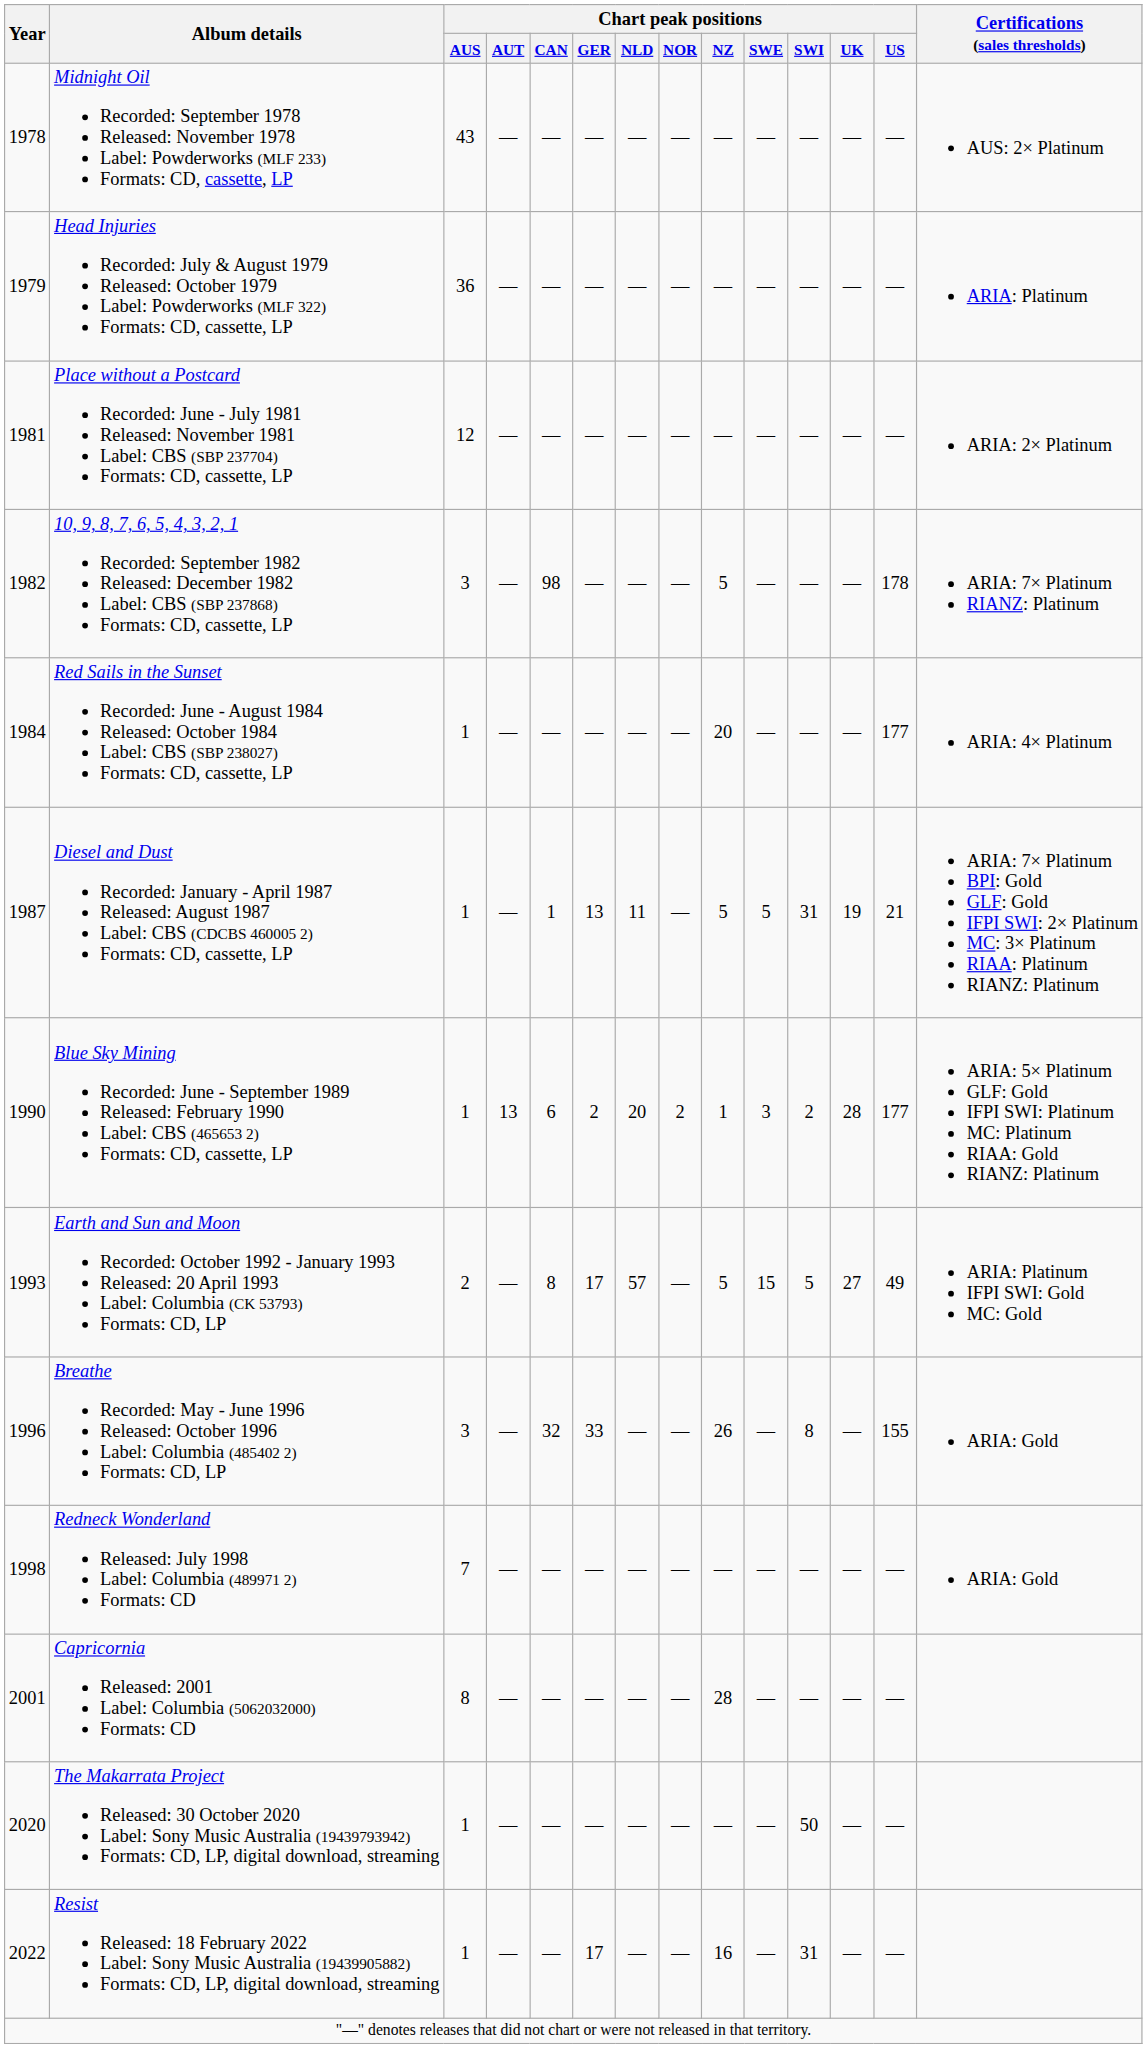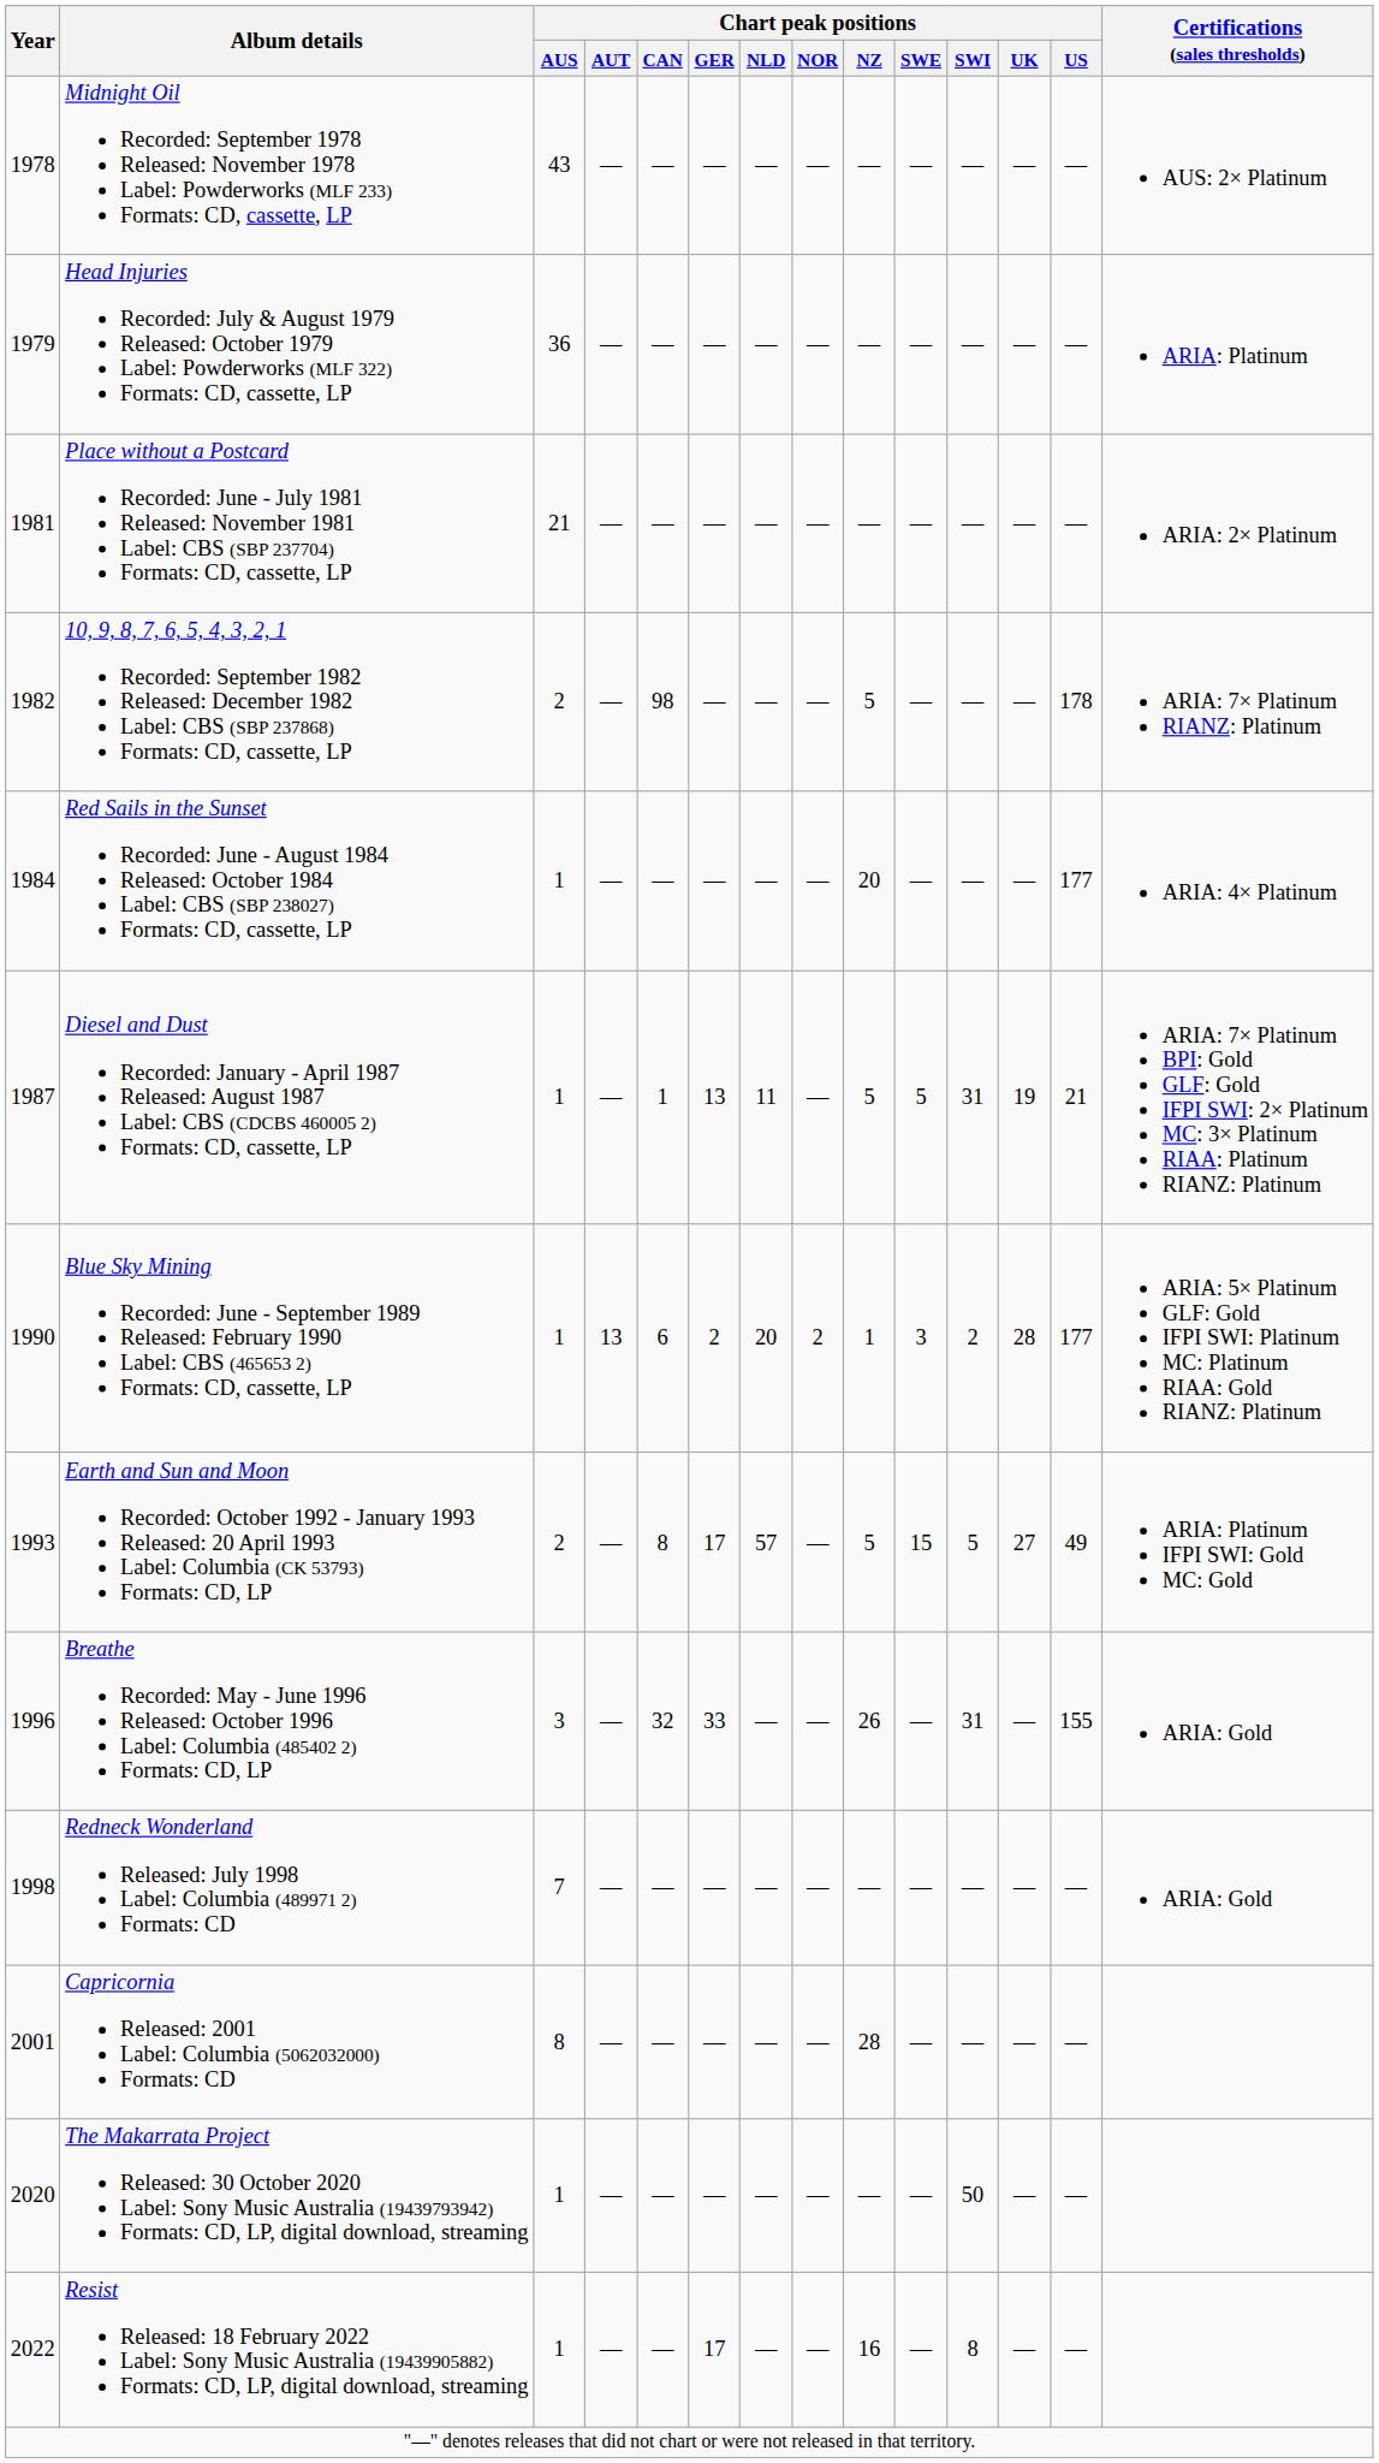 <table class="wikitable" border="1">
 <tr>
 <th scope="col" rowspan="2">Year</th>
 <th scope="col" rowspan="2">Album details</th>
 <th colspan="11" scope="col">Chart peak positions</th>
 <th scope="col" rowspan="2"><a href='#'>Certifications</a><br><small>(<a href='#'>sales thresholds</a>)</small></th>
 </tr>
 <tr>
 <th width="30px"><small><a href='#'>AUS</a><br></small></th>
 <th width="30px"><small><a href='#'>AUT</a><br></small></th>
 <th width="30px"><small><a href='#'>CAN</a><br></small></th>
 <th width="30px"><small><a href='#'>GER</a><br></small></th>
 <th width="30px"><small><a href='#'>NLD</a><br></small></th>
 <th width="30px"><small><a href='#'>NOR</a><br></small></th>
 <th width="30px"><small><a href='#'>NZ</a><br></small></th>
 <th width="30px"><small><a href='#'>SWE</a><br></small></th>
 <th width="30px"><small><a href='#'>SWI</a><br></small></th>
 <th width="30px"><small><a href='#'>UK</a><br></small></th>
 <th width="30px"><small><a href='#'>US</a><br></small></th>
 </tr>
 <tr>
 <td align="center">1978</td>
 <td><em><a href='#'>Midnight Oil</a></em><br><ul><li>Recorded: September 1978</li><li>Released: November 1978</li><li>Label: Powderworks <small>(MLF 233)</small></li><li>Formats: CD, <a href='#'>cassette</a>, <a href='#'>LP</a></li></ul></td>
 <td align="center">43</td>
 <td align="center">—</td>
 <td align="center">—</td>
 <td align="center">—</td>
 <td align="center">—</td>
 <td align="center">—</td>
 <td align="center">—</td>
 <td align="center">—</td>
 <td align="center">—</td>
 <td align="center">—</td>
 <td align="center">—</td>
 <td><br><ul><li>AUS: 2× Platinum</li></ul></td>
 </tr>
 <tr>
 <td align="center">1979</td>
 <td><em><a href='#'>Head Injuries</a></em><br><ul><li>Recorded: July & August 1979</li><li>Released: October 1979</li><li>Label: Powderworks <small>(MLF 322)</small></li><li>Formats: CD, cassette, LP</li></ul></td>
 <td align="center">36</td>
 <td align="center">—</td>
 <td align="center">—</td>
 <td align="center">—</td>
 <td align="center">—</td>
 <td align="center">—</td>
 <td align="center">—</td>
 <td align="center">—</td>
 <td align="center">—</td>
 <td align="center">—</td>
 <td align="center">—</td>
 <td><br><ul><li><a href='#'>ARIA</a>: Platinum</li></ul></td>
 </tr>
 <tr>
 <td align="center">1981</td>
 <td><em><a href='#'>Place without a Postcard</a></em><br><ul><li>Recorded: June - July 1981</li><li>Released: November 1981</li><li>Label: CBS <small>(SBP 237704)</small></li><li>Formats: CD, cassette, LP</li></ul></td>
-<td align="center">12</td>
+<td align="center">21</td>
 <td align="center">—</td>
 <td align="center">—</td>
 <td align="center">—</td>
 <td align="center">—</td>
 <td align="center">—</td>
 <td align="center">—</td>
 <td align="center">—</td>
 <td align="center">—</td>
 <td align="center">—</td>
 <td align="center">—</td>
 <td><br><ul><li>ARIA: 2× Platinum</li></ul></td>
 </tr>
 <tr>
 <td align="center">1982</td>
 <td><em><a href='#'>10, 9, 8, 7, 6, 5, 4, 3, 2, 1</a></em><br><ul><li>Recorded: September 1982</li><li>Released: December 1982</li><li>Label: CBS <small>(SBP 237868)</small></li><li>Formats: CD, cassette, LP</li></ul></td>
-<td align="center">3</td>
+<td align="center">2</td>
 <td align="center">—</td>
 <td align="center">98</td>
 <td align="center">—</td>
 <td align="center">—</td>
 <td align="center">—</td>
 <td align="center">5</td>
 <td align="center">—</td>
 <td align="center">—</td>
 <td align="center">—</td>
 <td align="center">178</td>
 <td><br><ul><li>ARIA: 7× Platinum</li><li><a href='#'>RIANZ</a>: Platinum</li></ul></td>
 </tr>
 <tr>
 <td align="center">1984</td>
 <td><em><a href='#'>Red Sails in the Sunset</a></em><br><ul><li>Recorded: June - August 1984</li><li>Released: October 1984</li><li>Label: CBS <small>(SBP 238027)</small></li><li>Formats: CD, cassette, LP</li></ul></td>
 <td align="center">1</td>
 <td align="center">—</td>
 <td align="center">—</td>
 <td align="center">—</td>
 <td align="center">—</td>
 <td align="center">—</td>
 <td align="center">20</td>
 <td align="center">—</td>
 <td align="center">—</td>
 <td align="center">—</td>
 <td align="center">177</td>
 <td><br><ul><li>ARIA: 4× Platinum</li></ul></td>
 </tr>
 <tr>
 <td align="center">1987</td>
 <td><em><a href='#'>Diesel and Dust</a></em><br><ul><li>Recorded: January - April 1987</li><li>Released: August 1987</li><li>Label: CBS <small>(CDCBS 460005 2)</small></li><li>Formats: CD, cassette, LP</li></ul></td>
 <td align="center">1</td>
 <td align="center">—</td>
 <td align="center">1</td>
 <td align="center">13</td>
 <td align="center">11</td>
 <td align="center">—</td>
 <td align="center">5</td>
 <td align="center">5</td>
 <td align="center">31</td>
 <td align="center">19</td>
 <td align="center">21</td>
 <td><br><ul><li>ARIA: 7× Platinum</li><li><a href='#'>BPI</a>: Gold</li><li><a href='#'>GLF</a>: Gold</li><li><a href='#'>IFPI SWI</a>: 2× Platinum</li><li><a href='#'>MC</a>: 3× Platinum</li><li><a href='#'>RIAA</a>: Platinum</li><li>RIANZ: Platinum </li></ul></td>
 </tr>
 <tr>
 <td align="center">1990</td>
 <td><em><a href='#'>Blue Sky Mining</a></em><br><ul><li>Recorded: June - September 1989</li><li>Released: February 1990</li><li>Label: CBS <small>(465653 2)</small></li><li>Formats: CD, cassette, LP</li></ul></td>
 <td align="center">1</td>
 <td align="center">13</td>
 <td align="center">6</td>
 <td align="center">2</td>
 <td align="center">20</td>
 <td align="center">2</td>
 <td align="center">1</td>
 <td align="center">3</td>
 <td align="center">2</td>
 <td align="center">28</td>
 <td align="center">177</td>
 <td><br><ul><li>ARIA: 5× Platinum</li><li>GLF: Gold</li><li>IFPI SWI: Platinum</li><li>MC: Platinum</li><li>RIAA: Gold</li><li>RIANZ: Platinum </li></ul></td>
 </tr>
 <tr>
 <td align="center">1993</td>
 <td><em><a href='#'>Earth and Sun and Moon</a></em><br><ul><li>Recorded: October 1992 - January 1993</li><li>Released: 20 April 1993</li><li>Label: Columbia <small>(CK 53793)</small></li><li>Formats: CD, LP</li></ul></td>
 <td align="center">2</td>
 <td align="center">—</td>
 <td align="center">8</td>
 <td align="center">17</td>
 <td align="center">57</td>
 <td align="center">—</td>
 <td align="center">5</td>
 <td align="center">15</td>
 <td align="center">5</td>
 <td align="center">27</td>
 <td align="center">49</td>
 <td><br><ul><li>ARIA: Platinum</li><li>IFPI SWI: Gold</li><li>MC: Gold</li></ul></td>
 </tr>
 <tr>
 <td align="center">1996</td>
 <td><em><a href='#'>Breathe</a></em><br><ul><li>Recorded: May - June 1996</li><li>Released: October 1996</li><li>Label: Columbia <small>(485402 2)</small></li><li>Formats: CD, LP</li></ul></td>
 <td align="center">3</td>
 <td align="center">—</td>
 <td align="center">32</td>
 <td align="center">33</td>
 <td align="center">—</td>
 <td align="center">—</td>
 <td align="center">26</td>
 <td align="center">—</td>
-<td align="center">8</td>
+<td align="center">31</td>
 <td align="center">—</td>
 <td align="center">155</td>
 <td><br><ul><li>ARIA: Gold</li></ul></td>
 </tr>
 <tr>
 <td align="center">1998</td>
 <td><em><a href='#'>Redneck Wonderland</a></em><br><ul><li>Released: July 1998</li><li>Label: Columbia <small>(489971 2)</small></li><li>Formats: CD</li></ul></td>
 <td align="center">7</td>
 <td align="center">—</td>
 <td align="center">—</td>
 <td align="center">—</td>
 <td align="center">—</td>
 <td align="center">—</td>
 <td align="center">—</td>
 <td align="center">—</td>
 <td align="center">—</td>
 <td align="center">—</td>
 <td align="center">—</td>
 <td><br><ul><li>ARIA: Gold</li></ul></td>
 </tr>
 <tr>
 <td align="center">2001</td>
 <td><em><a href='#'>Capricornia</a></em><br><ul><li>Released: 2001</li><li>Label: Columbia <small>(5062032000)</small></li><li>Formats: CD</li></ul></td>
 <td align="center">8</td>
 <td align="center">—</td>
 <td align="center">—</td>
 <td align="center">—</td>
 <td align="center">—</td>
 <td align="center">—</td>
 <td align="center">28</td>
 <td align="center">—</td>
 <td align="center">—</td>
 <td align="center">—</td>
 <td align="center">—</td>
 <td></td>
 </tr>
 <tr>
 <td align="center">2020</td>
 <td><em><a href='#'>The Makarrata Project</a></em><br><ul><li>Released: 30 October 2020</li><li>Label: Sony Music Australia <small>(19439793942)</small></li><li>Formats: CD, LP, digital download, streaming</li></ul></td>
 <td align="center">1</td>
 <td align="center">—</td>
 <td align="center">—</td>
 <td align="center">—</td>
 <td align="center">—</td>
 <td align="center">—</td>
 <td align="center">—</td>
 <td align="center">—</td>
 <td align="center">50</td>
 <td align="center">—</td>
 <td align="center">—</td>
 <td></td>
 </tr>
 <tr>
 <td align="center">2022</td>
 <td><em><a href='#'>Resist</a></em><br><ul><li>Released: 18 February 2022</li><li>Label: Sony Music Australia <small>(19439905882)</small></li><li>Formats: CD, LP, digital download, streaming</li></ul></td>
 <td align="center">1</td>
 <td align="center">—</td>
 <td align="center">—</td>
 <td align="center">17</td>
 <td align="center">—</td>
 <td align="center">—</td>
 <td align="center">16</td>
 <td align="center">—</td>
-<td align="center">31</td>
+<td align="center">8</td>
 <td align="center">—</td>
 <td align="center">—</td>
 <td></td>
 </tr>
 <tr>
 <td colspan="14" align="center" style="font-size: 85%">"—" denotes releases that did not chart or were not released in that territory.</td>
 </tr>
 </table>
